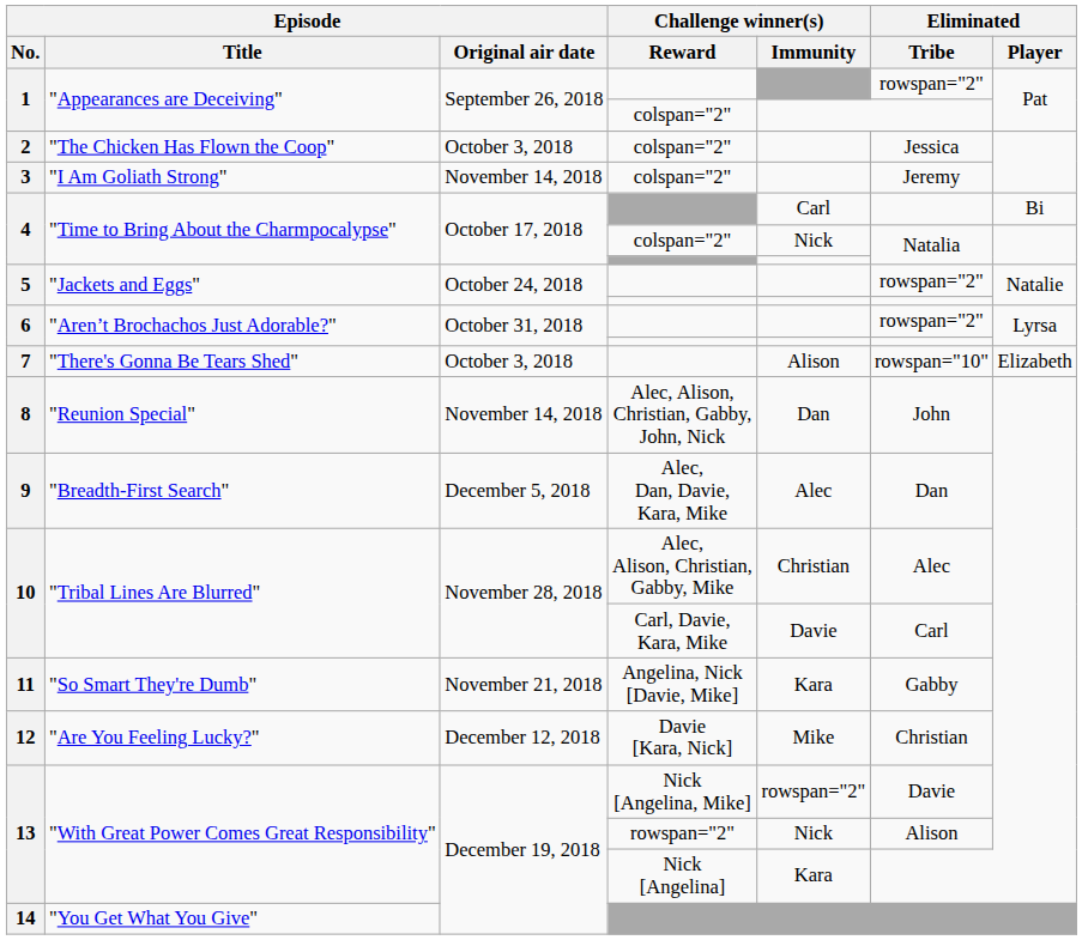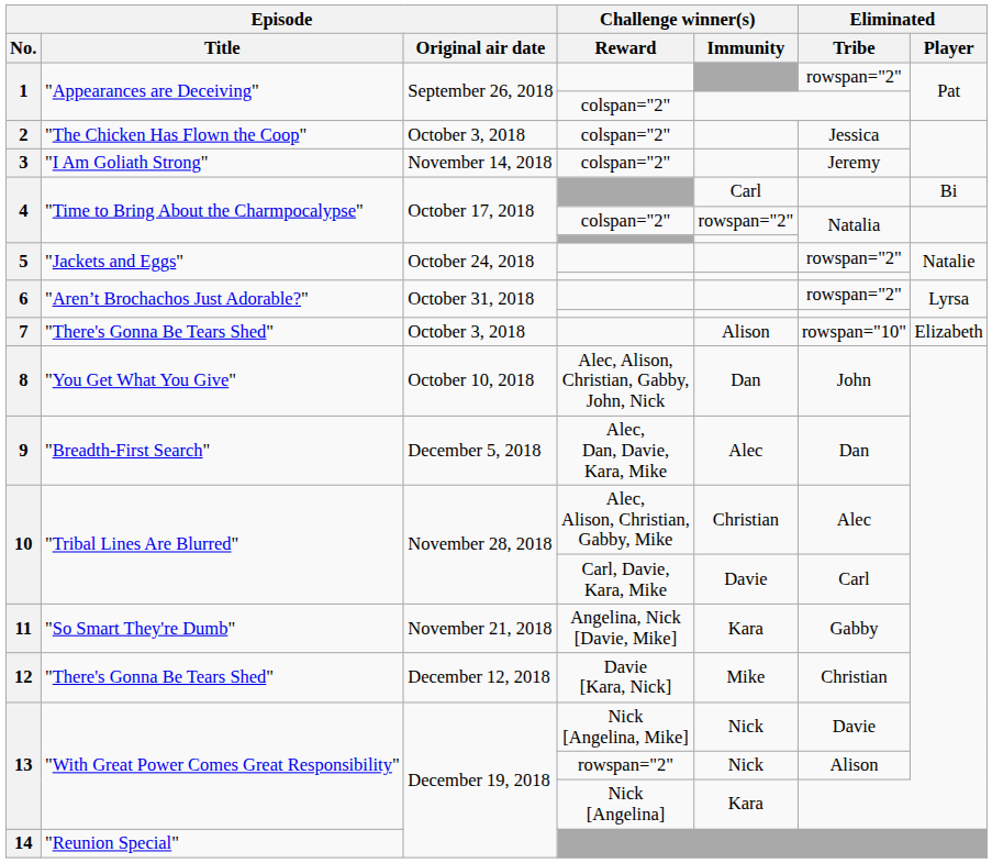 <table class="wikitable plainrowheaders nowrap" style="margin:auto; text-align:center">
 <tr>
 <th scope="col" colspan="3">Episode</th>
 <th scope="col" colspan="2">Challenge winner(s)</th>
 <th scope="col" colspan="2">Eliminated</th>
 </tr>
 <tr>
 <th scope="col">No.</th>
 <th scope="col">Title</th>
 <th scope="col">Original air date</th>
 <th scope="col">Reward</th>
 <th scope="col">Immunity</th>
 <th scope="col">Tribe</th>
 <th scope="col">Player</th>
 </tr>
 <tr>
 <th rowspan="2">1</th>
 <td scope="row" rowspan="2" align="left">"<a href='#'>Appearances are Deceiving</a>"</td>
 <td rowspan="2" align="left">September 26, 2018</td>
 <td></td>
 <td bgcolor="darkgrey"></td>
 <td>rowspan="2" </td>
 <td rowspan="2">Pat</td>
 </tr>
 <tr>
 <td>colspan="2" </td>
 </tr>
 <tr>
 <th>2</th>
 <td scope="row" align="left">"<a href='#'>The Chicken Has Flown the Coop</a>"</td>
 <td align="left">October 3, 2018</td>
 <td>colspan="2" </td>
 <td></td>
 <td>Jessica</td>
 </tr>
 <tr>
 <th>3</th>
 <td scope="row" align="left">"<a href='#'>I Am Goliath Strong</a>"</td>
 <td align="left">November 14, 2018</td>
 <td>colspan="2" </td>
 <td></td>
 <td>Jeremy</td>
 </tr>
 <tr>
 <th rowspan="3">4</th>
 <td rowspan="3" scope="row" align="left">"<a href='#'>Time to Bring About the Charmpocalypse</a>"</td>
 <td rowspan="3" align="left">October 17, 2018</td>
 <td bgcolor="darkgrey"></td>
 <td>Carl</td>
 <td></td>
 <td>Bi</td>
 </tr>
 <tr>
 <td>colspan="2" </td>
-<td>Nick</td>
+<td>rowspan="2" </td>
 <td rowspan="2">Natalia</td>
 </tr>
 <tr>
 <td bgcolor="darkgrey"></td>
 <td></td>
 </tr>
 <tr>
 <th rowspan="2">5</th>
 <td rowspan="2" scope="row" align="left">"<a href='#'>Jackets and Eggs</a>"</td>
 <td rowspan="2" align="left">October 24, 2018</td>
 <td></td>
 <td></td>
 <td>rowspan="2" </td>
 <td rowspan="2">Natalie</td>
 </tr>
 <tr>
 <td></td>
 <td></td>
 </tr>
 <tr>
 <th rowspan="2">6</th>
 <td rowspan="2" scope="row" align="left">"<a href='#'>Aren’t Brochachos Just Adorable?</a>"</td>
 <td rowspan="2" align="left">October 31, 2018</td>
 <td></td>
 <td></td>
 <td>rowspan="2" </td>
 <td rowspan="2">Lyrsa</td>
 </tr>
 <tr>
 <td></td>
 <td></td>
 </tr>
 <tr>
 <th>7</th>
 <td scope="row" align="left">"<a href='#'>There's Gonna Be Tears Shed</a>"</td>
 <td align="left">October 3, 2018</td>
 <td></td>
 <td>Alison</td>
 <td>rowspan="10" </td>
 <td>Elizabeth</td>
 </tr>
 <tr>
 <th>8</th>
-<td scope="row" align="left">"<a href='#'>Reunion Special</a>"</td>
-<td align="left">November 14, 2018</td>
+<td scope="row" align="left">"<a href='#'>You Get What You Give</a>"</td>
+<td align="left">October 10, 2018</td>
 <td>Alec, Alison,<br>Christian, Gabby,<br>John, Nick</td>
 <td>Dan</td>
 <td>John</td>
 </tr>
 <tr>
 <th>9</th>
 <td scope="row" align="left">"<a href='#'>Breadth-First Search</a>"</td>
 <td align="left">December 5, 2018</td>
 <td>Alec,<br>Dan, Davie,<br>Kara, Mike</td>
 <td>Alec</td>
 <td>Dan</td>
 </tr>
 <tr>
 <th rowspan="2">10</th>
 <td rowspan="2" scope="row" align="left">"<a href='#'>Tribal Lines Are Blurred</a>"</td>
 <td rowspan="2" align="left">November 28, 2018</td>
 <td>Alec,<br>Alison, Christian,<br>Gabby, Mike</td>
 <td>Christian</td>
 <td>Alec</td>
 </tr>
 <tr>
 <td>Carl, Davie,<br>Kara, Mike</td>
 <td>Davie</td>
 <td>Carl</td>
 </tr>
 <tr>
 <th>11</th>
 <td scope="row" align="left">"<a href='#'>So Smart They're Dumb</a>"</td>
 <td align="left">November 21, 2018</td>
 <td>Angelina, Nick<br>[Davie, Mike]</td>
 <td>Kara</td>
 <td>Gabby</td>
 </tr>
 <tr>
 <th>12</th>
-<td scope="row" align="left">"<a href='#'>Are You Feeling Lucky?</a>"</td>
+<td scope="row" align="left">"<a href='#'>There's Gonna Be Tears Shed</a>"</td>
 <td align="left">December 12, 2018</td>
 <td>Davie<br>[Kara, Nick]</td>
 <td>Mike</td>
 <td>Christian</td>
 </tr>
 <tr>
 <th rowspan="3">13</th>
 <td rowspan="3" scope="row" align="left">"<a href='#'>With Great Power Comes Great Responsibility</a>"</td>
 <td rowspan="4" align="left">December 19, 2018</td>
 <td>Nick<br>[Angelina, Mike]</td>
-<td>rowspan="2" </td>
+<td>Nick</td>
 <td>Davie</td>
 </tr>
 <tr>
 <td>rowspan="2" </td>
 <td>Nick</td>
 <td>Alison</td>
 </tr>
 <tr>
 <td>Nick<br>[Angelina]</td>
 <td>Kara</td>
 </tr>
 <tr>
 <th>14</th>
-<td scope="row" align="left">"<a href='#'>You Get What You Give</a>"</td>
+<td scope="row" align="left">"<a href='#'>Reunion Special</a>"</td>
 <td colspan="4" bgcolor="darkgray"></td>
 </tr>
 </table>
